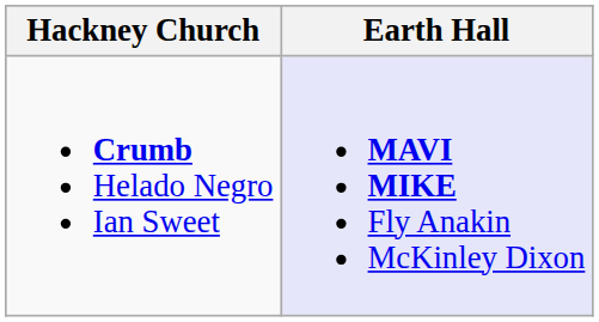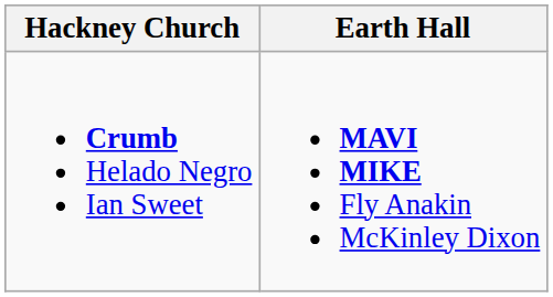 <table class="wikitable plainrowheaders">
 <tr>
 <th>Hackney Church</th>
 <th>Earth Hall</th>
 </tr>
 <tr>
 <td valign="top"><br><ul><li><strong><a href='#'>Crumb</a></strong></li><li><a href='#'>Helado Negro</a></li><li><a href='#'>Ian Sweet</a></li></ul></td>
-<td valign="top" style="background: lavender;"><br><ul><li><strong><a href='#'>MAVI</a></strong></li><li><strong><a href='#'>MIKE</a></strong></li><li><a href='#'>Fly Anakin</a></li><li><a href='#'>McKinley Dixon</a></li></ul></td>
+<td valign="top"><br><ul><li><strong><a href='#'>MAVI</a></strong></li><li><strong><a href='#'>MIKE</a></strong></li><li><a href='#'>Fly Anakin</a></li><li><a href='#'>McKinley Dixon</a></li></ul></td>
 </tr>
 </table>
